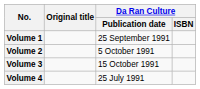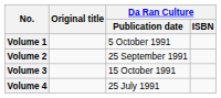 <table class=wikitable style="font-size:small;margin:0 auto;">
 <tr>
 <th rowspan="2">No.</th>
 <th rowspan="2">Original title</th>
 <th colspan="2"> <a href='#'>Da Ran Culture</a></th>
 </tr>
 <tr>
 <th>Publication date</th>
 <th>ISBN</th>
 </tr>
 <tr>
 <th>Volume 1</th>
 <td></td>
-<td>25 September 1991</td>
+<td>5 October 1991</td>
 <td></td>
 </tr>
 <tr>
 <th>Volume 2</th>
 <td></td>
-<td>5 October 1991</td>
+<td>25 September 1991</td>
 <td></td>
 </tr>
 <tr>
 <th>Volume 3</th>
 <td></td>
 <td>15 October 1991</td>
 <td></td>
 </tr>
 <tr>
 <th>Volume 4</th>
 <td></td>
 <td>25 July 1991</td>
 <td></td>
 </tr>
 </table>
